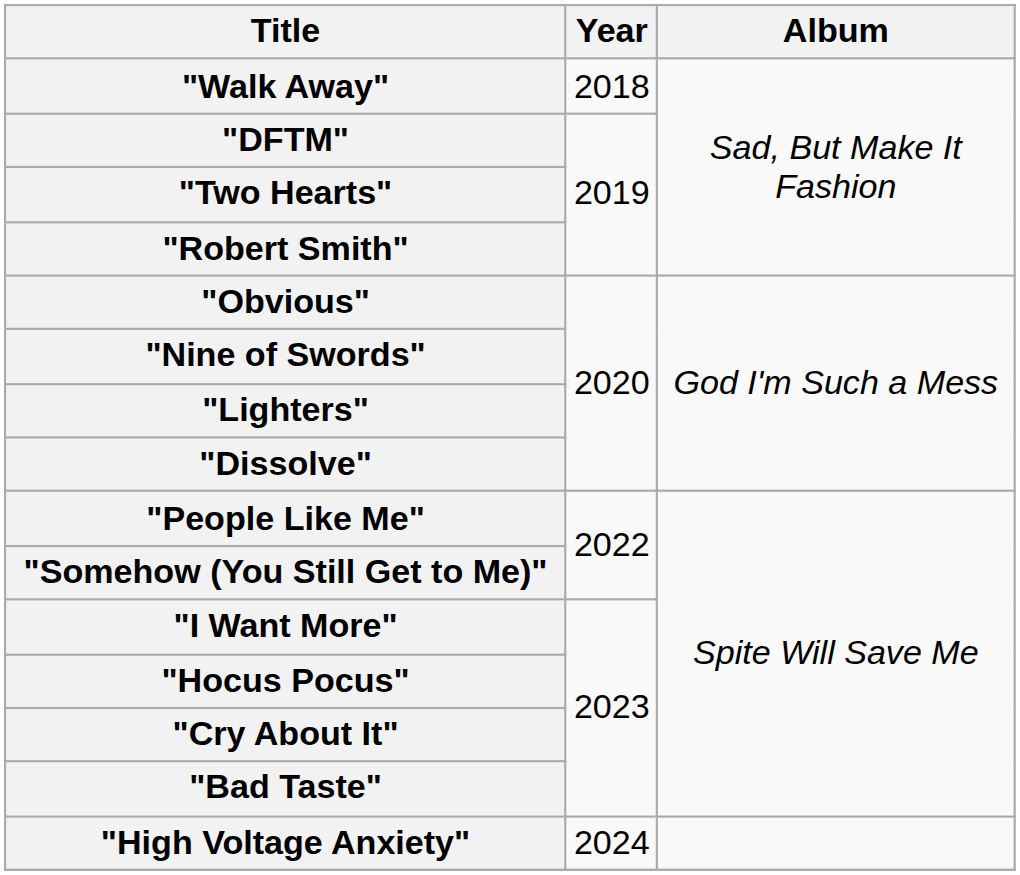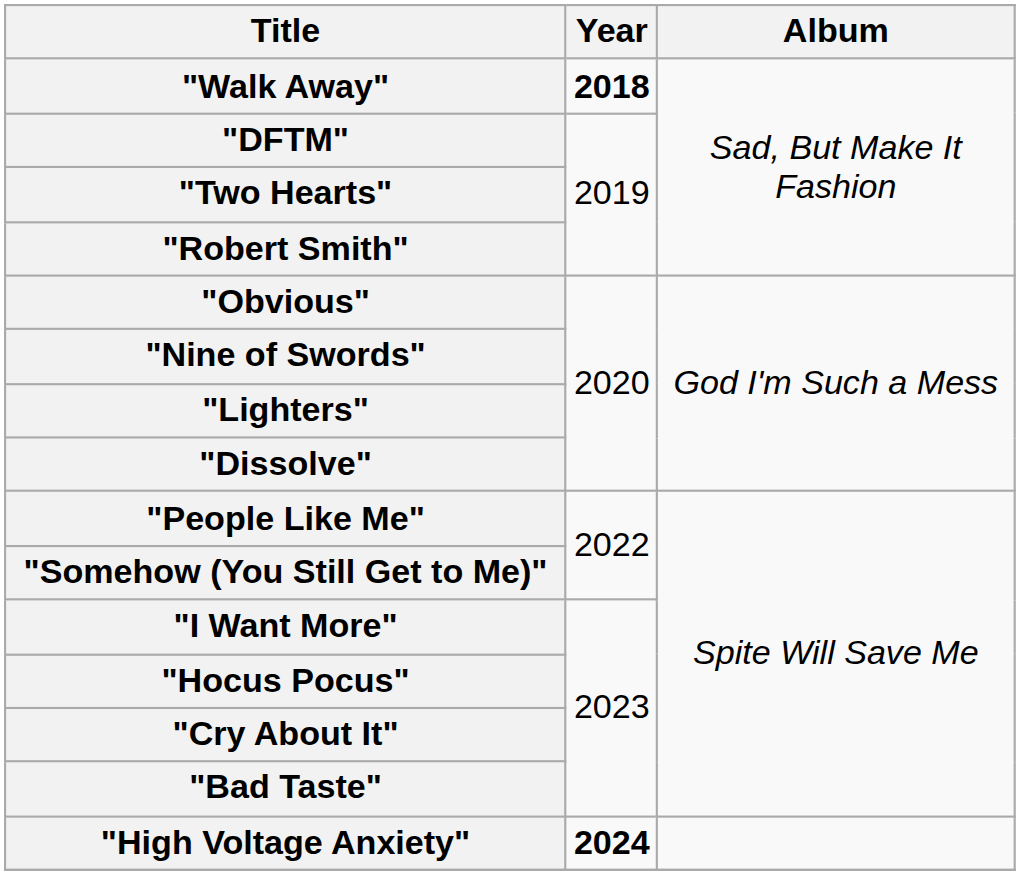 <table class="wikitable plainrowheaders" style="text-align:center;">
 <tr>
 <th scope="col" rowspan="1" style="width:16em;">Title</th>
 <th scope="col" rowspan="1" style="width:1em;">Year</th>
 <th scope="col" rowspan="1" style="width:10em;">Album</th>
 </tr>
 <tr>
 <th scope="row">"Walk Away"</th>
-<td>2018</td>
+<td><strong>2018</strong></td>
 <td rowspan="4"><em>Sad, But Make It Fashion</em></td>
 </tr>
 <tr>
 <th scope="row">"DFTM"</th>
 <td rowspan="3">2019</td>
 </tr>
 <tr>
 <th scope="row">"Two Hearts"</th>
 </tr>
 <tr>
 <th scope="row">"Robert Smith"</th>
 </tr>
 <tr>
 <th scope="row">"Obvious"</th>
 <td rowspan="4">2020</td>
 <td rowspan="4"><em>God I'm Such a Mess</em></td>
 </tr>
 <tr>
 <th scope="row">"Nine of Swords"</th>
 </tr>
 <tr>
 <th scope="row">"Lighters"</th>
 </tr>
 <tr>
 <th scope="row">"Dissolve"</th>
 </tr>
 <tr>
 <th scope="row">"People Like Me"</th>
 <td rowspan="2">2022</td>
 <td rowspan="6"><em>Spite Will Save Me</em></td>
 </tr>
 <tr>
 <th scope="row">"Somehow (You Still Get to Me)"</th>
 </tr>
 <tr>
 <th scope="row">"I Want More"</th>
 <td rowspan="4">2023</td>
 </tr>
 <tr>
 <th scope="row">"Hocus Pocus"</th>
 </tr>
 <tr>
 <th scope="row">"Cry About It"</th>
 </tr>
 <tr>
 <th scope="row">"Bad Taste"</th>
 </tr>
 <tr>
 <th scope="row">"High Voltage Anxiety"</th>
-<td>2024</td>
+<td><strong>2024</strong></td>
 <td></td>
 </tr>
 <tr>
 </tr>
 </table>
